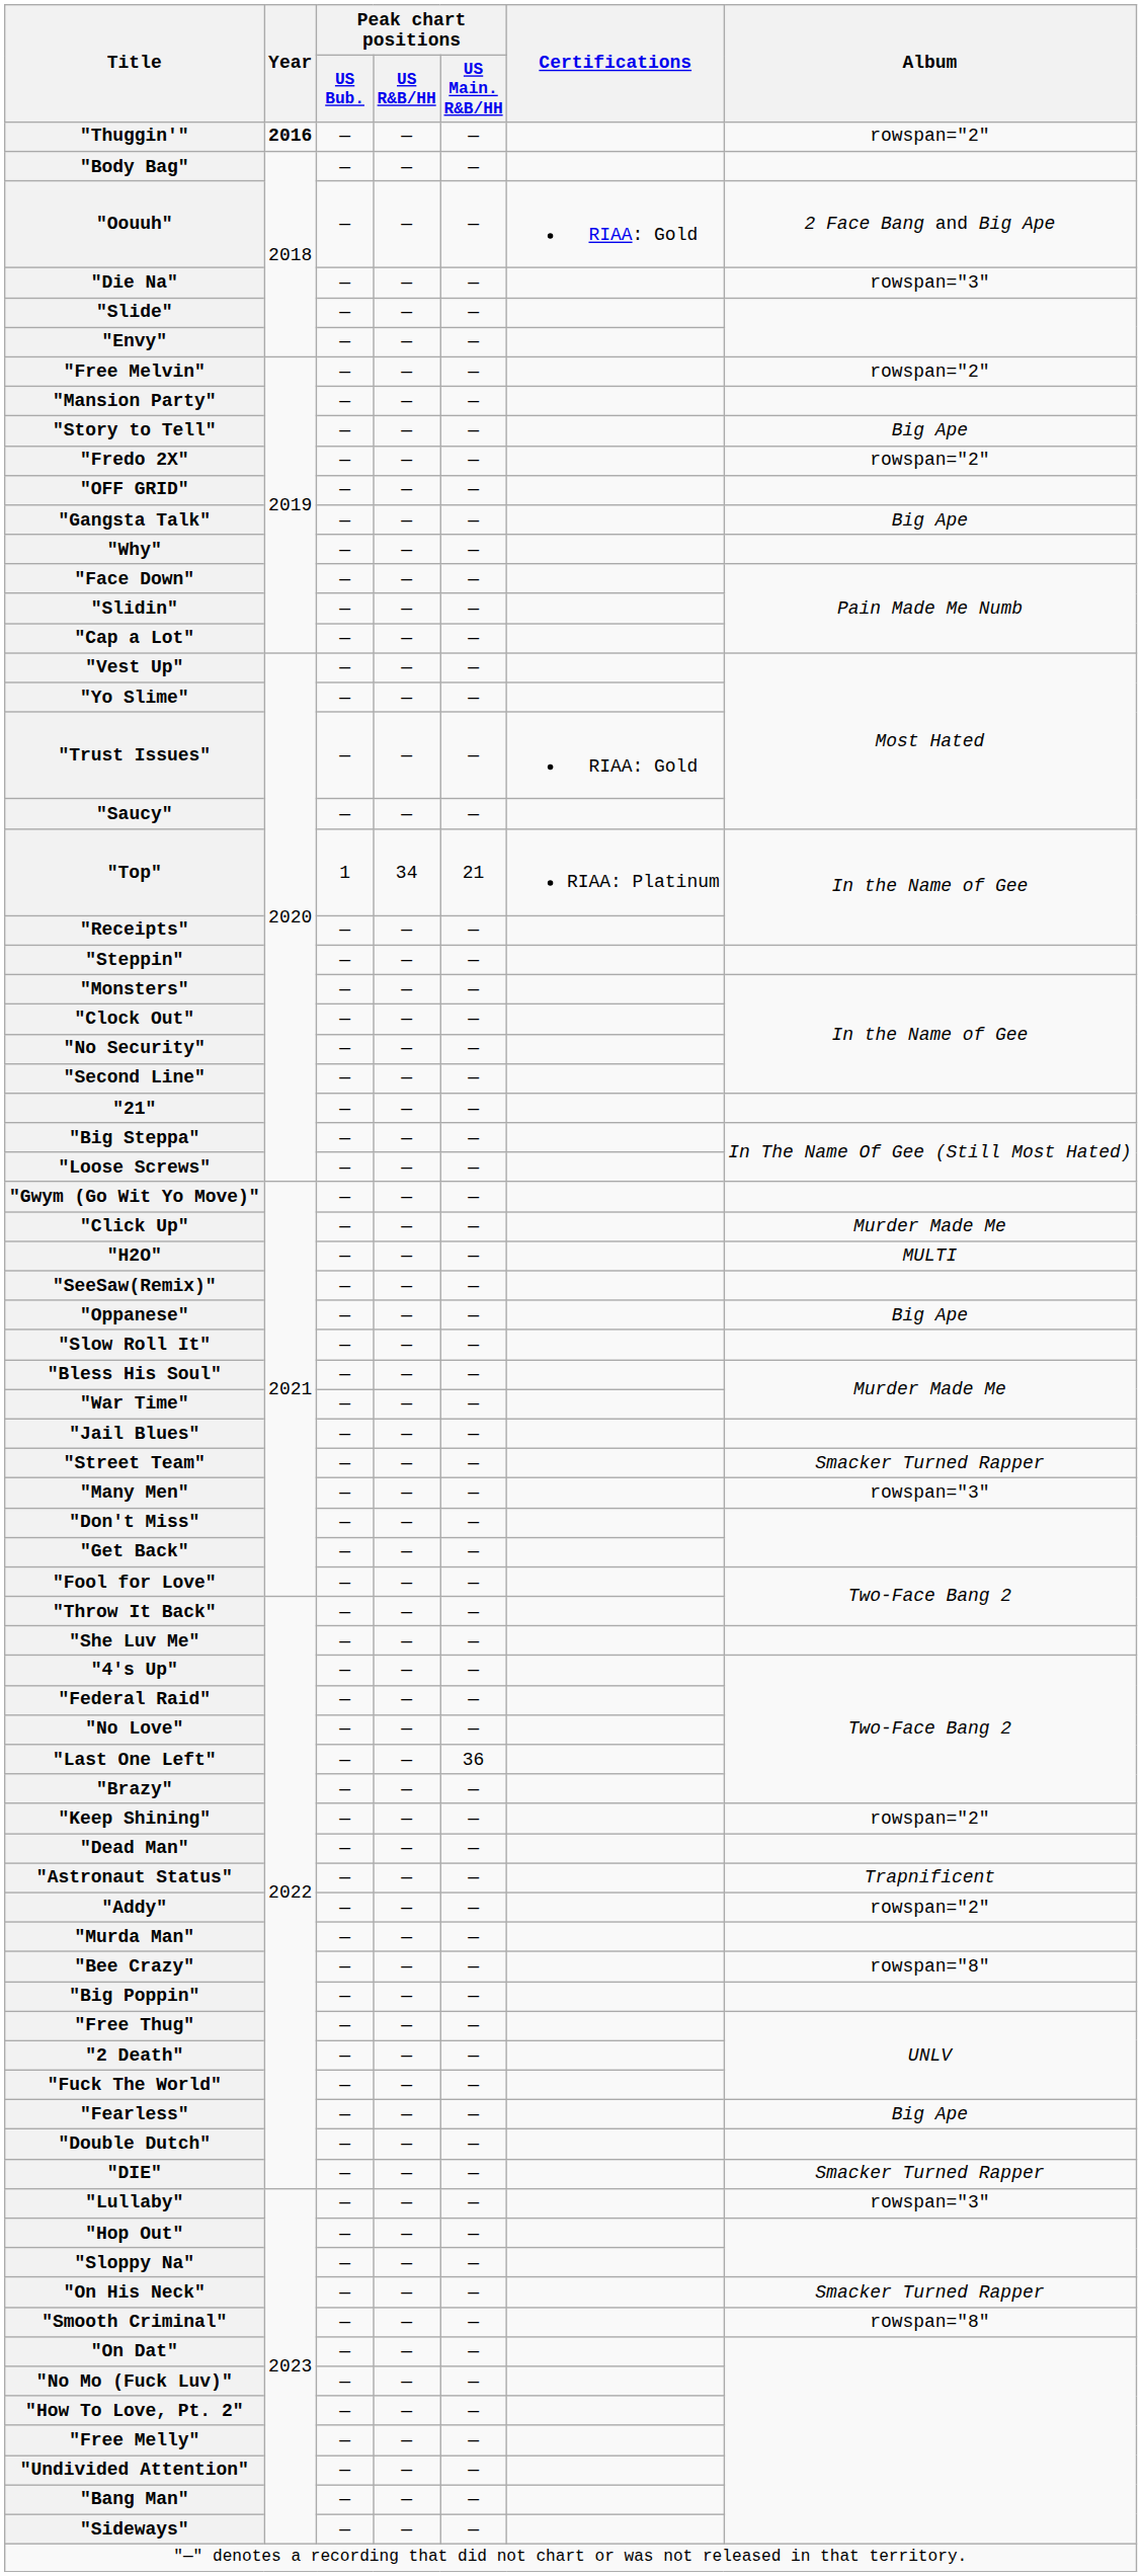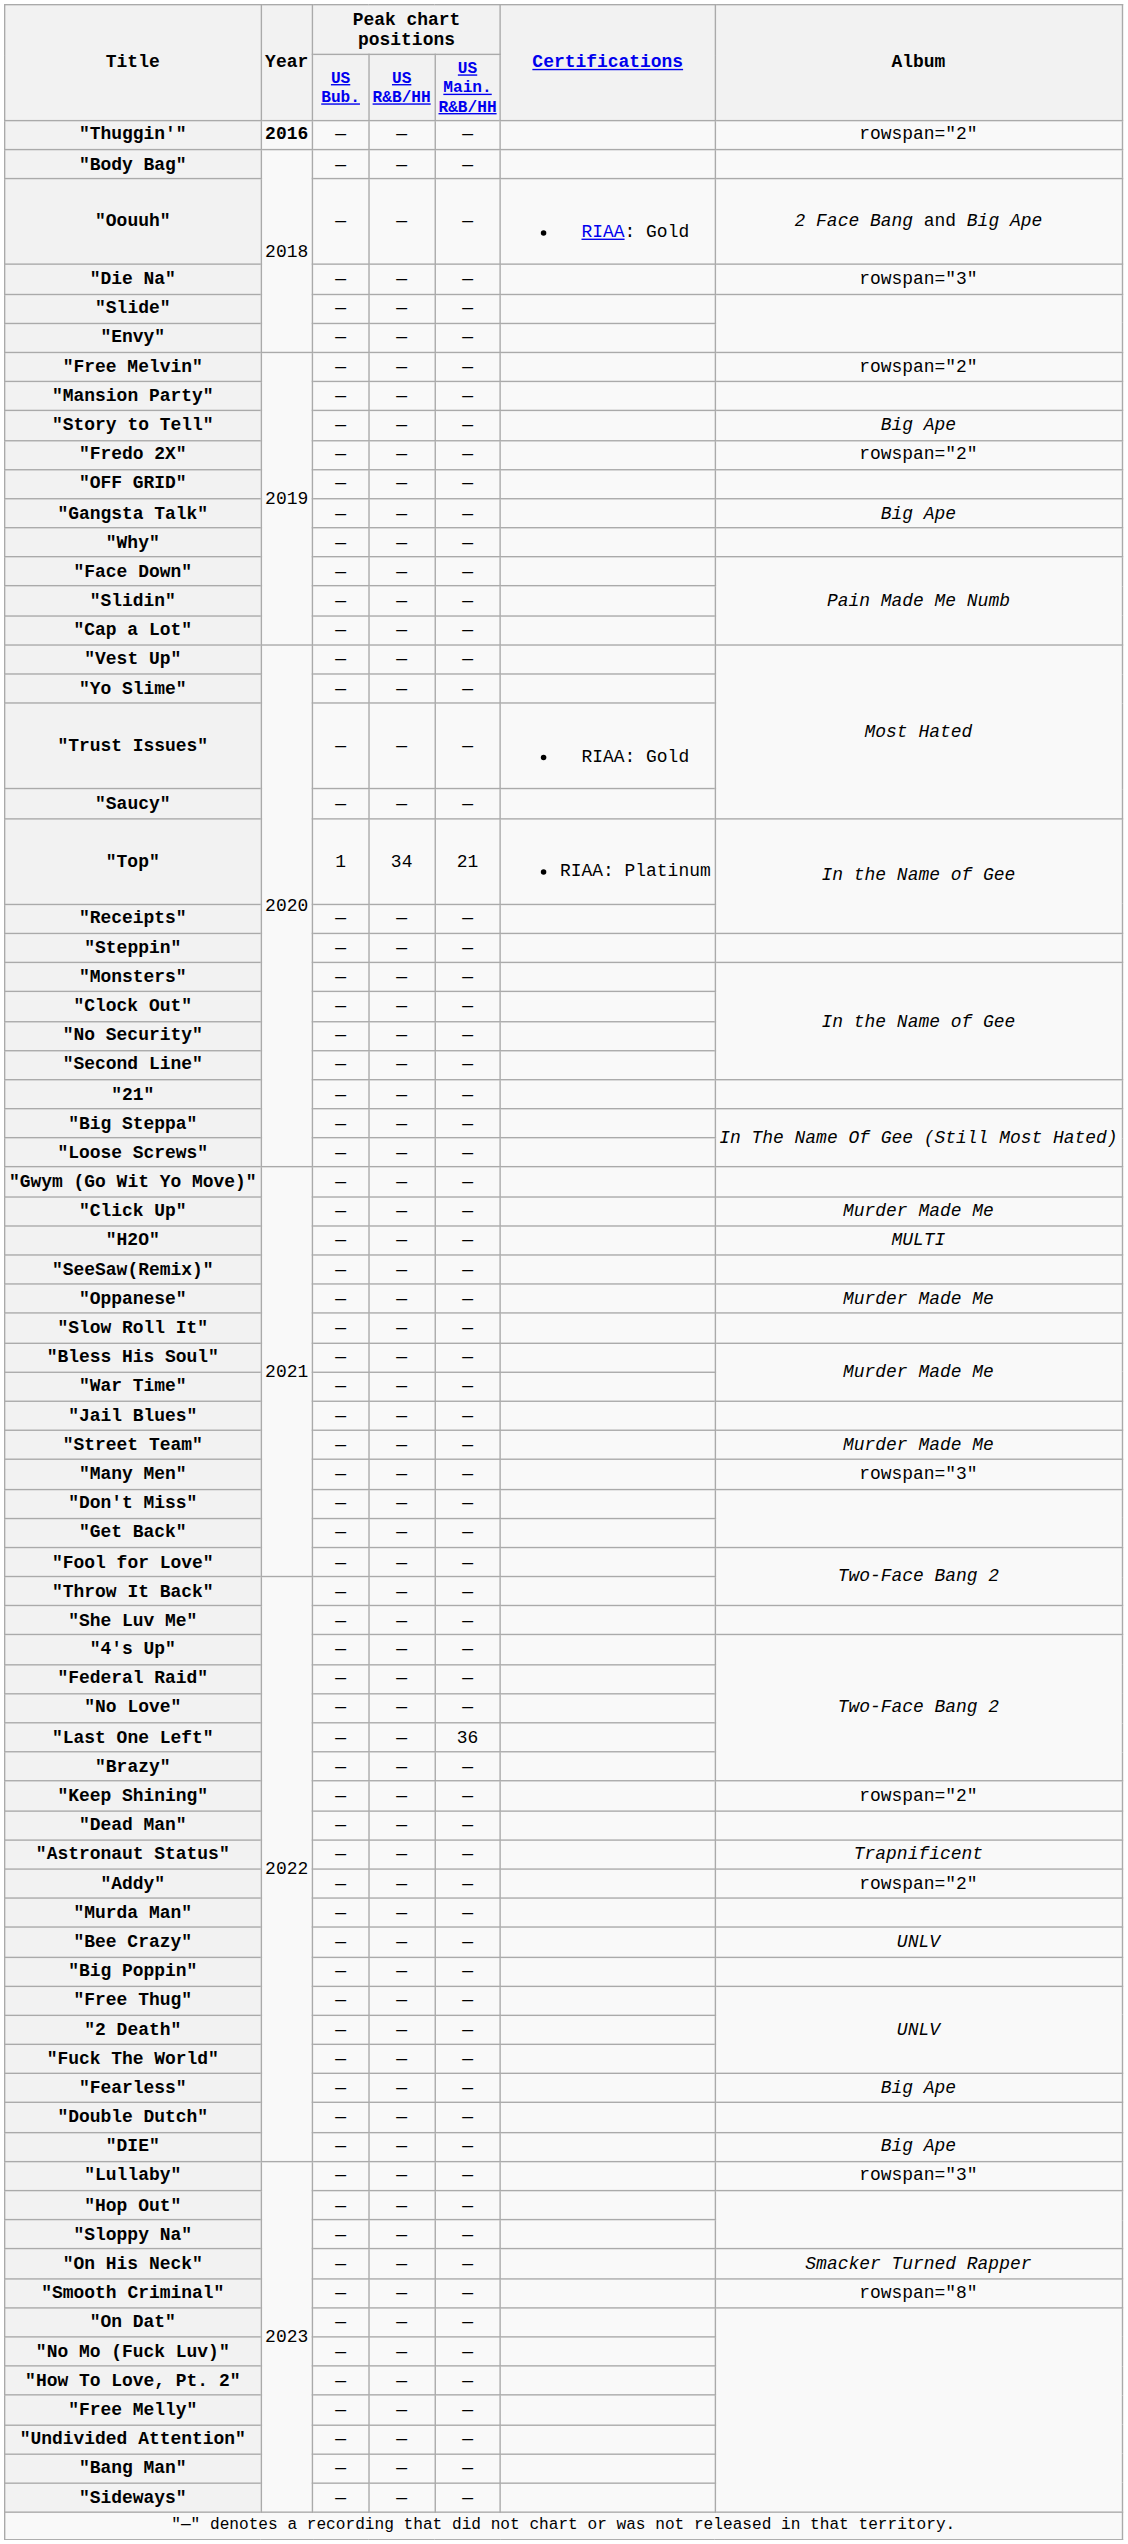 <table class="wikitable plainrowheaders" style="text-align:center;">
 <tr>
 <th rowspan="2">Title</th>
 <th rowspan="2">Year</th>
 <th colspan="3">Peak chart positions</th>
 <th rowspan="2"><a href='#'>Certifications</a></th>
 <th rowspan="2">Album</th>
 </tr>
 <tr>
 <th scope="col" style="width:3em;font-size:90%;"><a href='#'>US<br>Bub.</a><br></th>
 <th scope="col" style="width:3em;font-size:90%;"><a href='#'>US<br>R&B/HH</a><br></th>
 <th scope="col" style="width:3em;font-size:90%;"><a href='#'>US<br>Main.<br>R&B/HH</a><br></th>
 </tr>
 <tr>
 <th scope="row">"Thuggin'"</th>
 <td><strong>2016</strong></td>
 <td>—</td>
 <td>—</td>
 <td>—</td>
 <td></td>
 <td>rowspan="2" </td>
 </tr>
 <tr>
 <th scope="row">"Body Bag"<br></th>
 <td rowspan="5">2018</td>
 <td>—</td>
 <td>—</td>
 <td>—</td>
 <td></td>
 </tr>
 <tr>
 <th scope="row">"Oouuh"<br></th>
 <td>—</td>
 <td>—</td>
 <td>—</td>
 <td><br><ul><li><a href='#'>RIAA</a>: Gold</li></ul></td>
 <td><em>2 Face Bang</em> and <em>Big Ape</em></td>
 </tr>
 <tr>
 <th scope="row">"Die Na"</th>
 <td>—</td>
 <td>—</td>
 <td>—</td>
 <td></td>
 <td>rowspan="3" </td>
 </tr>
 <tr>
 <th scope="row">"Slide"<br></th>
 <td>—</td>
 <td>—</td>
 <td>—</td>
 <td></td>
 </tr>
 <tr>
 <th scope="row">"Envy"<br></th>
 <td>—</td>
 <td>—</td>
 <td>—</td>
 <td></td>
 </tr>
 <tr>
 <th scope="row">"Free Melvin"</th>
 <td rowspan="10">2019</td>
 <td>—</td>
 <td>—</td>
 <td>—</td>
 <td></td>
 <td>rowspan="2" </td>
 </tr>
 <tr>
 <th scope="row">"Mansion Party"<br></th>
 <td>—</td>
 <td>—</td>
 <td>—</td>
 <td></td>
 <td></td>
 </tr>
 <tr>
 <th scope="row">"Story to Tell"</th>
 <td>—</td>
 <td>—</td>
 <td>—</td>
 <td></td>
 <td><em>Big Ape</em></td>
 </tr>
 <tr>
 <th scope="row">"Fredo 2X"<br></th>
 <td>—</td>
 <td>—</td>
 <td>—</td>
 <td></td>
 <td>rowspan="2" </td>
 </tr>
 <tr>
 <th scope="row">"OFF GRID"<br></th>
 <td>—</td>
 <td>—</td>
 <td>—</td>
 <td></td>
 </tr>
 <tr>
 <th scope="row">"Gangsta Talk"<br></th>
 <td>—</td>
 <td>—</td>
 <td>—</td>
 <td></td>
 <td><em>Big Ape</em></td>
 </tr>
 <tr>
 <th scope="row">"Why"</th>
 <td>—</td>
 <td>—</td>
 <td>—</td>
 <td></td>
 <td></td>
 </tr>
 <tr>
 <th scope="row">"Face Down"</th>
 <td>—</td>
 <td>—</td>
 <td>—</td>
 <td></td>
 <td rowspan="3"><em>Pain Made Me Numb</em></td>
 </tr>
 <tr>
 <th scope="row">"Slidin"</th>
 <td>—</td>
 <td>—</td>
 <td>—</td>
 <td></td>
 </tr>
 <tr>
 <th scope="row">"Cap a Lot"</th>
 <td>—</td>
 <td>—</td>
 <td>—</td>
 <td></td>
 </tr>
 <tr>
 <th scope="row">"Vest Up"</th>
 <td rowspan="14">2020</td>
 <td>—</td>
 <td>—</td>
 <td>—</td>
 <td></td>
 <td rowspan="4"><em>Most Hated</em></td>
 </tr>
 <tr>
 <th scope="row">"Yo Slime"</th>
 <td>—</td>
 <td>—</td>
 <td>—</td>
 <td></td>
 </tr>
 <tr>
 <th scope="row">"Trust Issues"<br> </th>
 <td>—</td>
 <td>—</td>
 <td>—</td>
 <td><br><ul><li>RIAA: Gold</li></ul></td>
 </tr>
 <tr>
 <th scope="row">"Saucy"</th>
 <td>—</td>
 <td>—</td>
 <td>—</td>
 <td></td>
 </tr>
 <tr>
 <th scope="row">"Top"<br></th>
 <td>1</td>
 <td>34</td>
 <td>21</td>
 <td><br><ul><li>RIAA: Platinum</li></ul></td>
 <td rowspan="2"><em>In the Name of Gee</em></td>
 </tr>
 <tr>
 <th scope="row">"Receipts"</th>
 <td>—</td>
 <td>—</td>
 <td>—</td>
 <td></td>
 </tr>
 <tr>
 <th scope="row">"Steppin"<br></th>
 <td>—</td>
 <td>—</td>
 <td>—</td>
 <td></td>
 <td></td>
 </tr>
 <tr>
 <th scope="row">"Monsters"</th>
 <td>—</td>
 <td>—</td>
 <td>—</td>
 <td></td>
 <td rowspan="4"><em>In the Name of Gee</em></td>
 </tr>
 <tr>
 <th scope="row">"Clock Out"</th>
 <td>—</td>
 <td>—</td>
 <td>—</td>
 <td></td>
 </tr>
 <tr>
 <th scope="row">"No Security"<br></th>
 <td>—</td>
 <td>—</td>
 <td>—</td>
 <td></td>
 </tr>
 <tr>
 <th scope="row">"Second Line"</th>
 <td>—</td>
 <td>—</td>
 <td>—</td>
 <td></td>
 </tr>
 <tr>
 <th scope="row">"21"<br></th>
 <td>—</td>
 <td>—</td>
 <td>—</td>
 <td></td>
 <td></td>
 </tr>
 <tr>
 <th scope="row">"Big Steppa"<br></th>
 <td>—</td>
 <td>—</td>
 <td>—</td>
 <td></td>
 <td rowspan="2"><em>In The Name Of Gee (Still Most Hated)</em></td>
 </tr>
 <tr>
 <th scope="row">"Loose Screws"</th>
 <td>—</td>
 <td>—</td>
 <td>—</td>
 <td></td>
 </tr>
 <tr>
 <th scope="row">"Gwym (Go Wit Yo Move)"<br></th>
 <td rowspan="14">2021</td>
 <td>—</td>
 <td>—</td>
 <td>—</td>
 <td></td>
 <td></td>
 </tr>
 <tr>
 <th scope="row">"Click Up"</th>
 <td>—</td>
 <td>—</td>
 <td>—</td>
 <td></td>
 <td><em>Murder Made Me</em></td>
 </tr>
 <tr>
 <th scope="row">"H2O"<br></th>
 <td>—</td>
 <td>—</td>
 <td>—</td>
 <td></td>
 <td><em>MULTI</em></td>
 </tr>
 <tr>
 <th scope="row">"SeeSaw(Remix)"<br></th>
 <td>—</td>
 <td>—</td>
 <td>—</td>
 <td></td>
 <td></td>
 </tr>
 <tr>
 <th scope="row">"Oppanese"</th>
 <td>—</td>
 <td>—</td>
 <td>—</td>
 <td></td>
-<td><em>Big Ape</em></td>
+<td><em>Murder Made Me</em></td>
 </tr>
 <tr>
 <th scope="row">"Slow Roll It"</th>
 <td>—</td>
 <td>—</td>
 <td>—</td>
 <td></td>
 <td></td>
 </tr>
 <tr>
 <th scope="row">"Bless His Soul"<br></th>
 <td>—</td>
 <td>—</td>
 <td>—</td>
 <td></td>
 <td rowspan="2"><em>Murder Made Me</em></td>
 </tr>
 <tr>
 <th scope="row">"War Time"</th>
 <td>—</td>
 <td>—</td>
 <td>—</td>
 <td></td>
 </tr>
 <tr>
 <th scope="row">"Jail Blues"</th>
 <td>—</td>
 <td>—</td>
 <td>—</td>
 <td></td>
 <td></td>
 </tr>
 <tr>
 <th scope="row">"Street Team"</th>
 <td>—</td>
 <td>—</td>
 <td>—</td>
 <td></td>
-<td><em>Smacker Turned Rapper</em></td>
+<td><em>Murder Made Me</em></td>
 </tr>
 <tr>
 <th scope="row">"Many Men"<br></th>
 <td>—</td>
 <td>—</td>
 <td>—</td>
 <td></td>
 <td>rowspan="3" </td>
 </tr>
 <tr>
 <th scope="row">"Don't Miss"</th>
 <td>—</td>
 <td>—</td>
 <td>—</td>
 <td></td>
 </tr>
 <tr>
 <th scope="row">"Get Back"</th>
 <td>—</td>
 <td>—</td>
 <td>—</td>
 <td></td>
 </tr>
 <tr>
 <th scope="row">"Fool for Love"</th>
 <td>—</td>
 <td>—</td>
 <td>—</td>
 <td></td>
 <td rowspan="2"><em>Two-Face Bang 2</em></td>
 </tr>
 <tr>
 <th scope="row">"Throw It Back"</th>
 <td rowspan="20">2022</td>
 <td>—</td>
 <td>—</td>
 <td>—</td>
 <td></td>
 </tr>
 <tr>
 <th scope="row">"She Luv Me"<br></th>
 <td>—</td>
 <td>—</td>
 <td>—</td>
 <td></td>
 <td></td>
 </tr>
 <tr>
 <th scope="row">"4's Up"</th>
 <td>—</td>
 <td>—</td>
 <td>—</td>
 <td></td>
 <td rowspan="5"><em>Two-Face Bang 2</em></td>
 </tr>
 <tr>
 <th scope="row">"Federal Raid"</th>
 <td>—</td>
 <td>—</td>
 <td>—</td>
 <td></td>
 </tr>
 <tr>
 <th scope="row">"No Love"<br></th>
 <td>—</td>
 <td>—</td>
 <td>—</td>
 <td></td>
 </tr>
 <tr>
 <th scope="row">"Last One Left"<br></th>
 <td>—</td>
 <td>—</td>
 <td>36</td>
 <td></td>
 </tr>
 <tr>
 <th scope="row">"Brazy"<br></th>
 <td>—</td>
 <td>—</td>
 <td>—</td>
 <td></td>
 </tr>
 <tr>
 <th scope="row">"Keep Shining"<br></th>
 <td>—</td>
 <td>—</td>
 <td>—</td>
 <td></td>
 <td>rowspan="2" </td>
 </tr>
 <tr>
 <th scope="row">"Dead Man"</th>
 <td>—</td>
 <td>—</td>
 <td>—</td>
 <td></td>
 </tr>
 <tr>
 <th scope="row">"Astronaut Status" <br></th>
 <td>—</td>
 <td>—</td>
 <td>—</td>
 <td></td>
 <td><em>Trapnificent </em></td>
 </tr>
 <tr>
 <th scope="row">"Addy"</th>
 <td>—</td>
 <td>—</td>
 <td>—</td>
 <td></td>
 <td>rowspan="2" </td>
 </tr>
 <tr>
 <th scope="row">"Murda Man"<br></th>
 <td>—</td>
 <td>—</td>
 <td>—</td>
 <td></td>
 </tr>
 <tr>
 <th scope="row">"Bee Crazy"</th>
 <td>—</td>
 <td>—</td>
 <td>—</td>
 <td></td>
-<td>rowspan="8" </td>
+<td><em>UNLV</em></td>
 </tr>
 <tr>
 <th scope="row">"Big Poppin"<br></th>
 <td>—</td>
 <td>—</td>
 <td>—</td>
 <td></td>
 <td></td>
 </tr>
 <tr>
 <th scope="row">"Free Thug"</th>
 <td>—</td>
 <td>—</td>
 <td>—</td>
 <td></td>
 <td rowspan="3"><em>UNLV</em></td>
 </tr>
 <tr>
 <th scope="row">"2 Death"</th>
 <td>—</td>
 <td>—</td>
 <td>—</td>
 <td></td>
 </tr>
 <tr>
 <th scope="row">"Fuck The World"</th>
 <td>—</td>
 <td>—</td>
 <td>—</td>
 <td></td>
 </tr>
 <tr>
 <th scope="row">"Fearless"<br></th>
 <td>—</td>
 <td>—</td>
 <td>—</td>
 <td></td>
 <td><em>Big Ape</em></td>
 </tr>
 <tr>
 <th scope="row">"Double Dutch"</th>
 <td>—</td>
 <td>—</td>
 <td>—</td>
 <td></td>
 </tr>
 <tr>
 <th scope="row">"DIE"<br></th>
 <td>—</td>
 <td>—</td>
 <td>—</td>
 <td></td>
-<td><em>Smacker Turned Rapper</em></td>
+<td><em>Big Ape</em></td>
 </tr>
 <tr>
 <th scope="row">"Lullaby"</th>
 <td rowspan="12">2023</td>
 <td>—</td>
 <td>—</td>
 <td>—</td>
 <td></td>
 <td>rowspan="3" </td>
 </tr>
 <tr>
 <th scope="row">"Hop Out"</th>
 <td>—</td>
 <td>—</td>
 <td>—</td>
 <td></td>
 </tr>
 <tr>
 <th scope="row">"Sloppy Na"<br></th>
 <td>—</td>
 <td>—</td>
 <td>—</td>
 <td></td>
 </tr>
 <tr>
 <th scope="row">"On His Neck"<br></th>
 <td>—</td>
 <td>—</td>
 <td>—</td>
 <td></td>
 <td><em>Smacker Turned Rapper</em></td>
 </tr>
 <tr>
 <th scope="row">"Smooth Criminal"</th>
 <td>—</td>
 <td>—</td>
 <td>—</td>
 <td></td>
 <td>rowspan="8" </td>
 </tr>
 <tr>
 <th scope="row">"On Dat"</th>
 <td>—</td>
 <td>—</td>
 <td>—</td>
 <td></td>
 </tr>
 <tr>
 <th scope="row">"No Mo (Fuck Luv)"</th>
 <td>—</td>
 <td>—</td>
 <td>—</td>
 <td></td>
 </tr>
 <tr>
 <th scope="row">"How To Love, Pt. 2"<br></th>
 <td>—</td>
 <td>—</td>
 <td>—</td>
 <td></td>
 </tr>
 <tr>
 <th scope="row">"Free Melly"</th>
 <td>—</td>
 <td>—</td>
 <td>—</td>
 <td></td>
 </tr>
 <tr>
 <th scope="row">"Undivided Attention"<br></th>
 <td>—</td>
 <td>—</td>
 <td>—</td>
 <td></td>
 </tr>
 <tr>
 <th scope="row">"Bang Man"</th>
 <td>—</td>
 <td>—</td>
 <td>—</td>
 <td></td>
 </tr>
 <tr>
 <th scope="row">"Sideways"<br></th>
 <td>—</td>
 <td>—</td>
 <td>—</td>
 <td></td>
 </tr>
 <tr>
 <td colspan="7" style="font-size:90%">"—" denotes a recording that did not chart or was not released in that territory.</td>
 </tr>
 </table>
